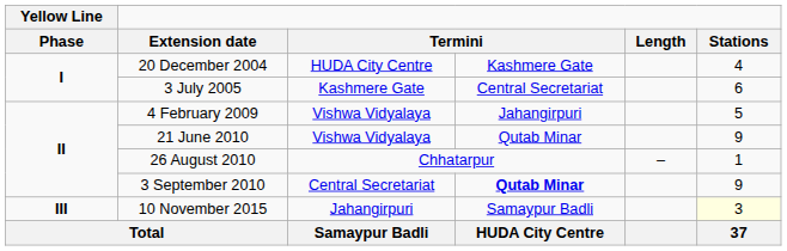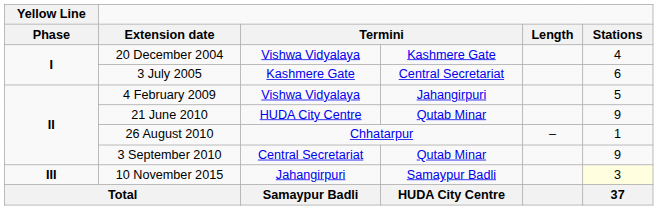 <table class="wikitable" style="text-align:center; width:65%">
 <tr>
 <th style="background:#"><span>Yellow Line</span></th>
 </tr>
 <tr>
 <th>Phase</th>
 <th>Extension date</th>
 <th colspan="2">Termini</th>
 <th>Length</th>
 <th>Stations</th>
 </tr>
 <tr>
 <td rowspan="2"><strong>I</strong></td>
 <td>20 December 2004</td>
-<td><a href='#'>HUDA City Centre</a></td>
+<td><a href='#'>Vishwa Vidyalaya</a></td>
 <td><a href='#'>Kashmere Gate</a></td>
 <td></td>
 <td>4</td>
 </tr>
 <tr>
 <td>3 July 2005</td>
 <td><a href='#'>Kashmere Gate</a></td>
 <td><a href='#'>Central Secretariat</a></td>
 <td></td>
 <td>6</td>
 </tr>
 <tr>
 <td rowspan="4"><strong>II</strong></td>
 <td>4 February 2009</td>
 <td><a href='#'>Vishwa Vidyalaya</a></td>
 <td><a href='#'>Jahangirpuri</a></td>
 <td></td>
 <td>5</td>
 </tr>
 <tr>
 <td>21 June 2010</td>
-<td><a href='#'>Vishwa Vidyalaya</a></td>
+<td><a href='#'>HUDA City Centre</a></td>
 <td><a href='#'>Qutab Minar</a></td>
 <td></td>
 <td>9</td>
 </tr>
 <tr>
 <td>26 August 2010</td>
 <td colspan="2"><a href='#'>Chhatarpur</a></td>
 <td>–</td>
 <td>1</td>
 </tr>
 <tr>
 <td>3 September 2010</td>
 <td><a href='#'>Central Secretariat</a></td>
-<td><strong><a href='#'>Qutab Minar</a></strong></td>
+<td><a href='#'>Qutab Minar</a></td>
 <td></td>
 <td>9</td>
 </tr>
 <tr>
 <td><strong>III</strong></td>
 <td>10 November 2015</td>
 <td><a href='#'>Jahangirpuri</a></td>
 <td><a href='#'>Samaypur Badli</a></td>
 <td></td>
 <td style="background: lightyellow;">3</td>
 </tr>
 <tr>
 <th colspan="2">Total</th>
 <th>Samaypur Badli</th>
 <th>HUDA City Centre</th>
 <th></th>
 <th>37</th>
 </tr>
 </table>
